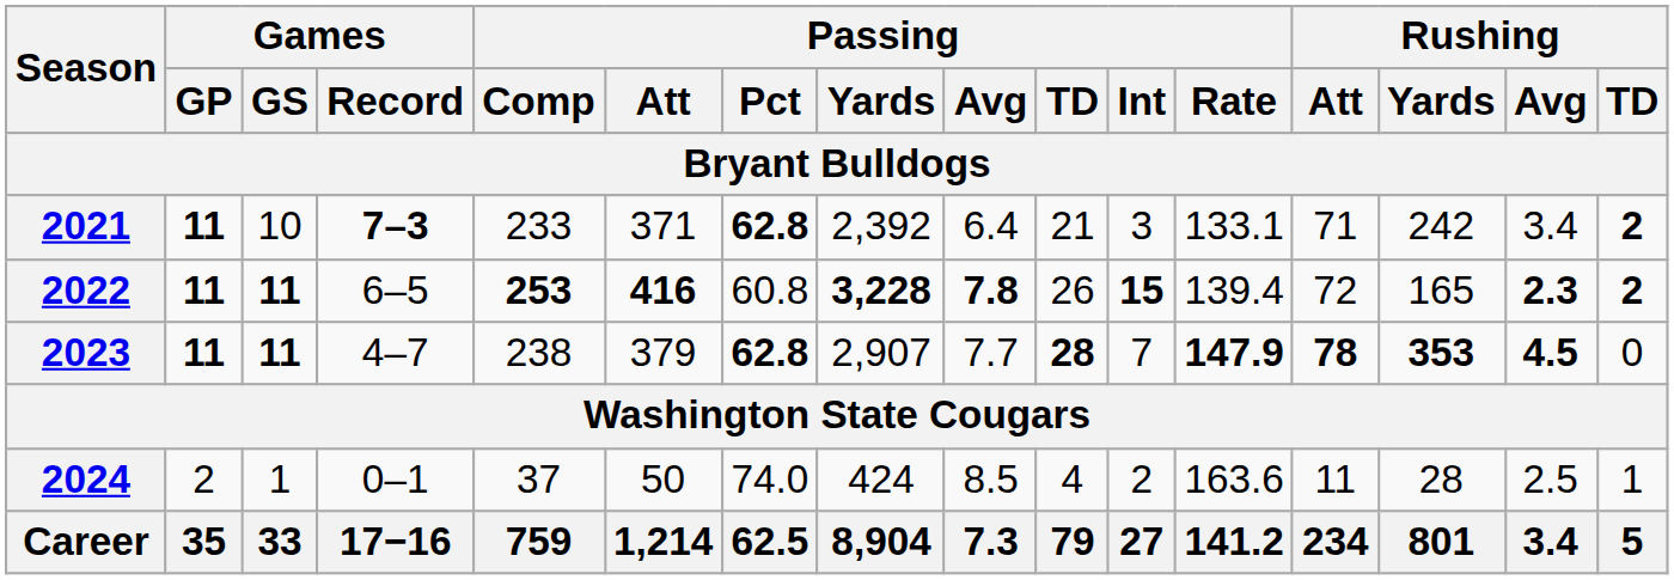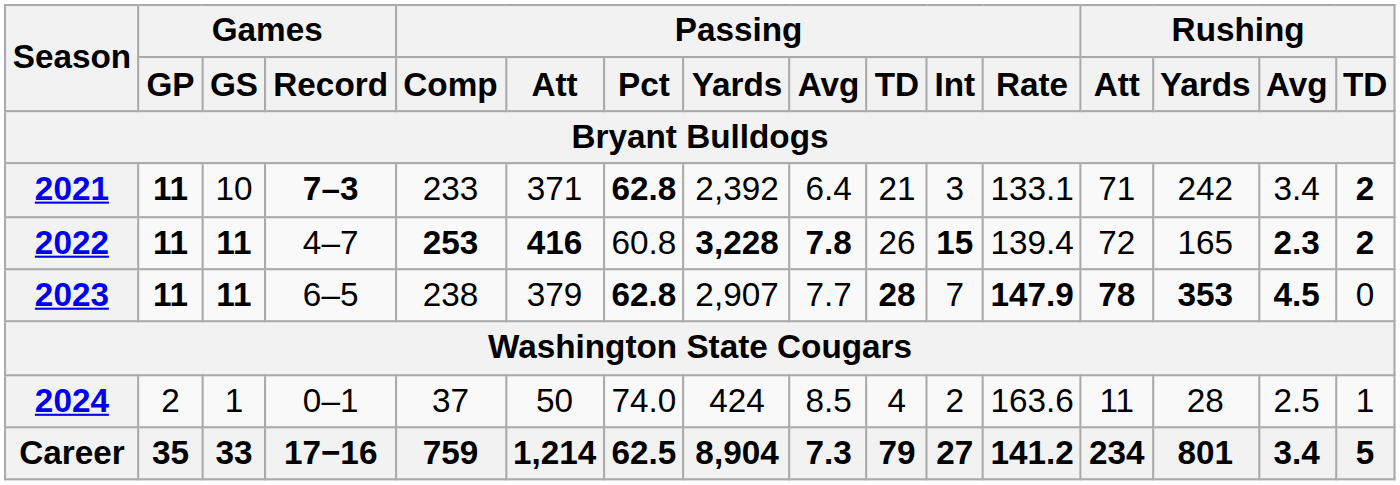 <table class="wikitable" style="text-align:center;">
 <tr>
 <th rowspan="2">Season</th>
 <th colspan="3">Games</th>
 <th colspan="8">Passing</th>
 <th colspan="4">Rushing</th>
 </tr>
 <tr>
 <th>GP</th>
 <th>GS</th>
 <th>Record</th>
 <th>Comp</th>
 <th>Att</th>
 <th>Pct</th>
 <th>Yards</th>
 <th>Avg</th>
 <th>TD</th>
 <th>Int</th>
 <th>Rate</th>
 <th>Att</th>
 <th>Yards</th>
 <th>Avg</th>
 <th>TD</th>
 </tr>
 <tr>
 <th colspan="16">Bryant Bulldogs</th>
 </tr>
 <tr>
 <th><a href='#'>2021</a></th>
 <td><strong>11</strong></td>
 <td>10</td>
 <td><strong>7–3</strong></td>
 <td>233</td>
 <td>371</td>
 <td><strong>62.8</strong></td>
 <td>2,392</td>
 <td>6.4</td>
 <td>21</td>
 <td>3</td>
 <td>133.1</td>
 <td>71</td>
 <td>242</td>
 <td>3.4</td>
 <td><strong>2</strong></td>
 </tr>
 <tr>
 <th><a href='#'>2022</a></th>
 <td><strong>11</strong></td>
 <td><strong>11</strong></td>
-<td>6–5</td>
+<td>4–7</td>
 <td><strong>253</strong></td>
 <td><strong>416</strong></td>
 <td>60.8</td>
 <td><strong>3,228</strong></td>
 <td><strong>7.8</strong></td>
 <td>26</td>
 <td><strong>15</strong></td>
 <td>139.4</td>
 <td>72</td>
 <td>165</td>
 <td><strong>2.3</strong></td>
 <td><strong>2</strong></td>
 </tr>
 <tr>
 <th><a href='#'>2023</a></th>
 <td><strong>11</strong></td>
 <td><strong>11</strong></td>
-<td>4–7</td>
+<td>6–5</td>
 <td>238</td>
 <td>379</td>
 <td><strong>62.8</strong></td>
 <td>2,907</td>
 <td>7.7</td>
 <td><strong>28</strong></td>
 <td>7</td>
 <td><strong>147.9</strong></td>
 <td><strong>78</strong></td>
 <td><strong>353</strong></td>
 <td><strong>4.5</strong></td>
 <td>0</td>
 </tr>
 <tr>
 <th colspan="16">Washington State Cougars</th>
 </tr>
 <tr>
 <th><a href='#'>2024</a></th>
 <td>2</td>
 <td>1</td>
 <td>0–1</td>
 <td>37</td>
 <td>50</td>
 <td>74.0</td>
 <td>424</td>
 <td>8.5</td>
 <td>4</td>
 <td>2</td>
 <td>163.6</td>
 <td>11</td>
 <td>28</td>
 <td>2.5</td>
 <td>1</td>
 </tr>
 <tr>
 <th>Career</th>
 <th>35</th>
 <th>33</th>
 <th>17−16</th>
 <th>759</th>
 <th>1,214</th>
 <th>62.5</th>
 <th>8,904</th>
 <th>7.3</th>
 <th>79</th>
 <th>27</th>
 <th>141.2</th>
 <th>234</th>
 <th>801</th>
 <th>3.4</th>
 <th>5</th>
 </tr>
 </table>
